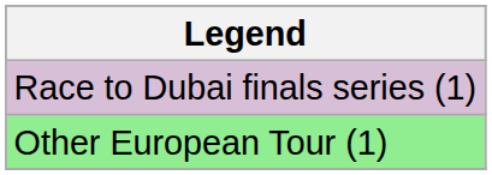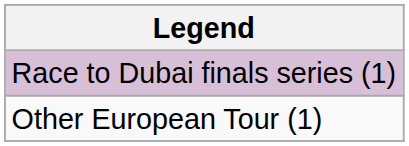 <table class="wikitable" style="font-size:95%;">
 <tr>
 <th>Legend</th>
 </tr>
 <tr style="background:thistle;">
 <td>Race to Dubai finals series (1)</td>
 </tr>
 <tr>
-<td style="background: lightgreen;">Other European Tour (1)</td>
+<td>Other European Tour (1)</td>
 </tr>
 </table>
